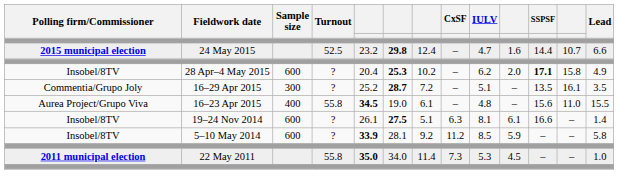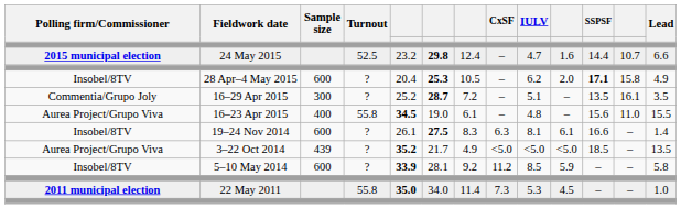 <table class="wikitable collapsible collapsed" style="text-align:center; font-size:95%; line-height:16px;">
 <tr style="height:42px;">
 <th style="width:250px;" rowspan="2">Polling firm/Commissioner</th>
 <th style="width:125px;" rowspan="2">Fieldwork date</th>
 <th style="width:50px;" rowspan="2">Sample size</th>
 <th style="width:45px;" rowspan="2">Turnout</th>
 <th style="width:35px;"></th>
 <th style="width:35px;"></th>
 <th style="width:35px;"></th>
 <th style="width:35px; font-size:90%;">CxSF</th>
 <th style="width:35px;"><a href='#'>IULV</a></th>
 <th style="width:35px;"></th>
 <th style="width:35px; font-size:80%;">SSPSF</th>
 <th style="width:35px;"></th>
 <th style="width:30px;" rowspan="2">Lead</th>
 </tr>
 <tr>
 <th style="color:inherit;background:"></th>
 <th style="color:inherit;background:"></th>
 <th style="color:inherit;background:"></th>
 <th style="color:inherit;background:"></th>
 <th style="color:inherit;background:"></th>
 <th style="color:inherit;background:"></th>
 <th style="color:inherit;background:"></th>
 <th style="color:inherit;background:"></th>
 </tr>
 <tr>
 <td colspan="13" style="background:#A0A0A0"></td>
 </tr>
 <tr style="background:#EFEFEF;">
 <td><strong><a href='#'>2015 municipal election</a></strong></td>
 <td>24 May 2015</td>
 <td></td>
 <td>52.5</td>
 <td>23.2<br></td>
 <td><strong>29.8</strong><br></td>
 <td>12.4<br></td>
 <td>–</td>
 <td>4.7<br></td>
 <td>1.6<br></td>
 <td>14.4<br></td>
 <td>10.7<br></td>
 <td style="background:">6.6</td>
 </tr>
 <tr>
 <td colspan="13" style="background:#A0A0A0"></td>
 </tr>
 <tr>
 <td>Insobel/8TV</td>
 <td>28 Apr–4 May 2015</td>
 <td>600</td>
 <td>?</td>
 <td>20.4<br></td>
 <td><strong>25.3</strong><br></td>
-<td>10.2<br></td>
+<td>10.5<br></td>
 <td>–</td>
 <td>6.2<br></td>
 <td>2.0<br></td>
 <td><strong>17.1<br></strong></td>
 <td>15.8<br></td>
 <td style="background:">4.9</td>
 </tr>
 <tr>
 <td>Commentia/Grupo Joly</td>
 <td>16–29 Apr 2015</td>
 <td>300</td>
 <td>?</td>
 <td>25.2<br></td>
 <td><strong>28.7</strong><br></td>
 <td>7.2<br></td>
 <td>–</td>
 <td>5.1<br></td>
 <td>–</td>
 <td>13.5<br></td>
 <td>16.1<br></td>
 <td style="background:">3.5</td>
 </tr>
 <tr>
 <td>Aurea Project/Grupo Viva</td>
 <td>16–23 Apr 2015</td>
 <td>400</td>
 <td>55.8</td>
 <td><strong>34.5</strong><br></td>
 <td>19.0<br></td>
 <td>6.1<br></td>
 <td>–</td>
 <td>4.8<br></td>
 <td>–</td>
 <td>15.6<br></td>
 <td>11.0<br></td>
 <td style="background:">15.5</td>
 </tr>
 <tr>
 <td>Insobel/8TV</td>
 <td>19–24 Nov 2014</td>
 <td>600</td>
 <td>?</td>
 <td>26.1<br></td>
 <td><strong>27.5</strong><br></td>
-<td>5.1<br></td>
+<td>8.3<br></td>
 <td>6.3<br></td>
 <td>8.1<br></td>
 <td>6.1<br></td>
 <td>16.6<br></td>
 <td>–</td>
 <td style="background:">1.4</td>
+</tr>
+<tr>
+<td>Aurea Project/Grupo Viva</td>
+<td>3–22 Oct 2014</td>
+<td>439</td>
+<td>?</td>
+<td><strong>35.2</strong><br></td>
+<td>21.7<br></td>
+<td>4.9<br></td>
+<td><5.0<br></td>
+<td><5.0<br></td>
+<td><5.0<br></td>
+<td>18.5<br></td>
+<td>–</td>
+<td style="background:">13.5</td>
 </tr>
 <tr>
 <td>Insobel/8TV</td>
 <td>5–10 May 2014</td>
 <td>600</td>
 <td>?</td>
 <td><strong>33.9</strong><br></td>
 <td>28.1<br></td>
 <td>9.2<br></td>
 <td>11.2<br></td>
 <td>8.5<br></td>
 <td>5.9<br></td>
 <td>–</td>
 <td>–</td>
 <td style="background:">5.8</td>
 </tr>
 <tr>
 <td colspan="13" style="background:#A0A0A0"></td>
 </tr>
 <tr style="background:#EFEFEF;">
 <td><strong><a href='#'>2011 municipal election</a></strong></td>
 <td>22 May 2011</td>
 <td></td>
 <td>55.8</td>
 <td><strong>35.0</strong><br></td>
 <td>34.0<br></td>
 <td>11.4<br></td>
 <td>7.3<br></td>
 <td>5.3<br></td>
 <td>4.5<br></td>
 <td>–</td>
 <td>–</td>
 <td style="background:">1.0</td>
 </tr>
 <tr>
 <td colspan="13" style="background:#A0A0A0"></td>
 </tr>
 </table>
